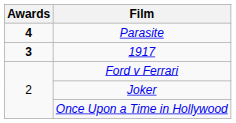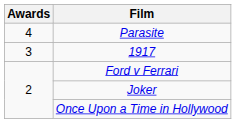 <table class="wikitable plainrowheaders" style="text-align: center;">
 <tr>
 <th scope="col" style="width:55px;">Awards</th>
 <th scope="col" style="text-align:center;">Film</th>
 </tr>
 <tr>
-<td scope="row" style="text-align:center"><strong>4</strong></td>
+<td scope="row" style="text-align:center">4</td>
 <td><em><a href='#'>Parasite</a></em></td>
 </tr>
 <tr>
-<td scope="row" style="text-align:center"><strong>3</strong></td>
+<td scope="row" style="text-align:center">3</td>
 <td><em><a href='#'>1917</a></em></td>
 </tr>
 <tr>
 <td scope="row" style="text-align:center" rowspan="3">2</td>
 <td><em><a href='#'>Ford v Ferrari</a></em></td>
 </tr>
 <tr>
 <td><em><a href='#'>Joker</a></em></td>
 </tr>
 <tr>
 <td><em><a href='#'>Once Upon a Time in Hollywood</a></em></td>
 </tr>
 </table>
